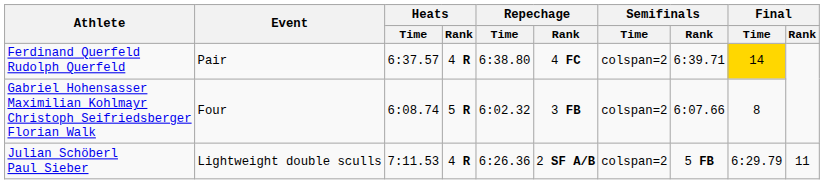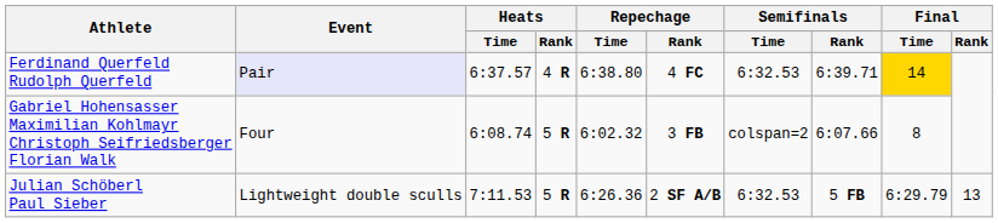 <table class="wikitable" style="font-size:90%">
 <tr>
 <th rowspan="2">Athlete</th>
 <th rowspan="2">Event</th>
 <th colspan="2">Heats</th>
 <th colspan="2">Repechage</th>
 <th colspan="2">Semifinals</th>
 <th colspan="2">Final</th>
 </tr>
 <tr style="font-size:95%">
 <th>Time</th>
 <th>Rank</th>
 <th>Time</th>
 <th>Rank</th>
 <th>Time</th>
 <th>Rank</th>
 <th>Time</th>
 <th>Rank</th>
 </tr>
 <tr align=center>
 <td align=left><a href='#'>Ferdinand Querfeld</a><br><a href='#'>Rudolph Querfeld</a></td>
-<td align=left>Pair</td>
+<td align=left style="background: lavender;">Pair</td>
 <td>6:37.57</td>
 <td>4 <strong>R</strong></td>
 <td>6:38.80</td>
 <td>4 <strong>FC</strong></td>
-<td>colspan=2</td>
+<td>6:32.53</td>
 <td>6:39.71</td>
 <td style="background: gold;">14</td>
 </tr>
 <tr align=center>
 <td align=left><a href='#'>Gabriel Hohensasser</a><br><a href='#'>Maximilian Kohlmayr</a><br><a href='#'>Christoph Seifriedsberger</a><br><a href='#'>Florian Walk</a></td>
 <td align=left>Four</td>
 <td>6:08.74</td>
 <td>5 <strong>R</strong></td>
 <td>6:02.32</td>
 <td>3 <strong>FB</strong></td>
 <td>colspan=2</td>
 <td>6:07.66</td>
 <td>8</td>
 </tr>
 <tr align=center>
 <td align=left><a href='#'>Julian Schöberl</a><br><a href='#'>Paul Sieber</a></td>
 <td align=left>Lightweight double sculls</td>
 <td>7:11.53</td>
-<td>4 <strong>R</strong></td>
+<td>5 <strong>R</strong></td>
 <td>6:26.36</td>
 <td>2 <strong>SF A/B</strong></td>
-<td>colspan=2</td>
+<td>6:32.53</td>
 <td>5 <strong>FB</strong></td>
 <td>6:29.79</td>
-<td>11</td>
+<td>13</td>
 </tr>
 </table>
